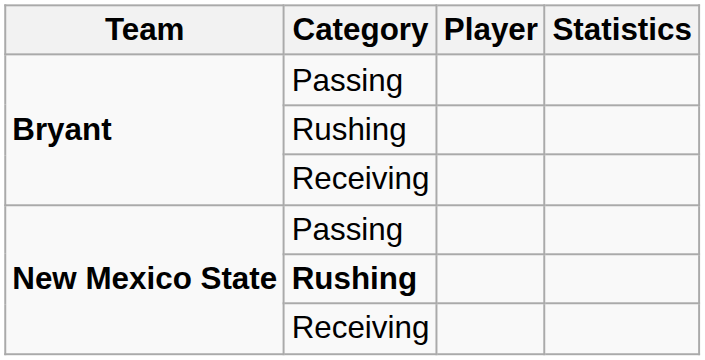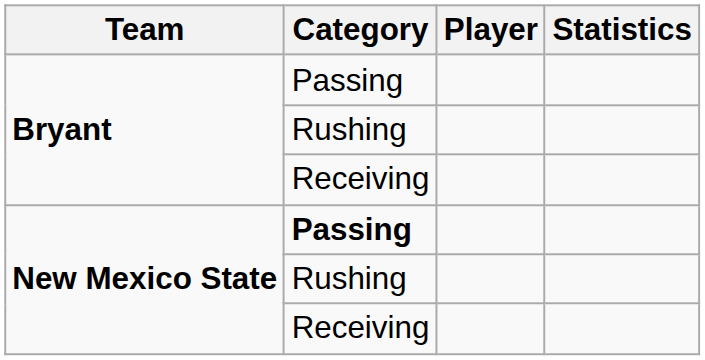 <table class="wikitable" style="float: right;">
 <tr>
 <th>Team</th>
 <th>Category</th>
 <th>Player</th>
 <th>Statistics</th>
 </tr>
 <tr>
 <td rowspan=3><strong>Bryant</strong></td>
 <td>Passing</td>
 <td></td>
 <td></td>
 </tr>
 <tr>
 <td>Rushing</td>
 <td></td>
 <td></td>
 </tr>
 <tr>
 <td>Receiving</td>
 <td></td>
 <td></td>
 </tr>
 <tr>
 <td rowspan=3><strong>New Mexico State</strong></td>
-<td>Passing</td>
+<td><strong>Passing</strong></td>
 <td></td>
 <td></td>
 </tr>
 <tr>
-<td><strong>Rushing</strong></td>
+<td>Rushing</td>
 <td></td>
 <td></td>
 </tr>
 <tr>
 <td>Receiving</td>
 <td></td>
 <td></td>
 </tr>
 </table>
